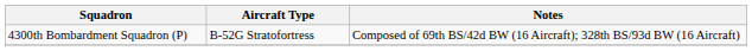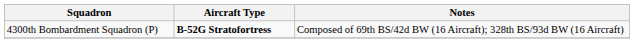 <table class="wikitable">
 <tr>
 <th scope="col" width="250">Squadron</th>
 <th scope="col" width="175">Aircraft Type</th>
 <th scope="col" width="500">Notes</th>
 </tr>
 <tr valign="top">
 <td>4300th Bombardment Squadron (P)</td>
-<td>B-52G Stratofortress</td>
+<td><strong>B-52G Stratofortress</strong></td>
 <td>Composed of 69th BS/42d BW (16 Aircraft); 328th BS/93d BW (16 Aircraft)</td>
 </tr>
 <tr>
 </tr>
 <tr>
 </tr>
 </table>
